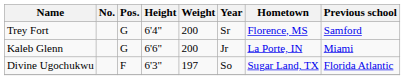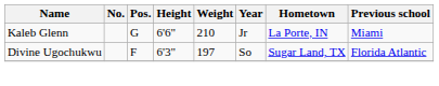 <table class="wikitable sortable" border="1">
 <tr align=center>
 <th>Name</th>
 <th>No.</th>
 <th>Pos.</th>
 <th>Height</th>
 <th>Weight</th>
 <th>Year</th>
 <th>Hometown</th>
 <th>Previous school</th>
 </tr>
 <tr>
-<td>Trey Fort</td>
-<td></td>
-<td>G</td>
-<td>6'4"</td>
-<td>200</td>
-<td>Sr</td>
-<td><a href='#'>Florence, MS</a></td>
-<td><a href='#'>Samford</a></td>
-</tr>
-<tr>
 <td>Kaleb Glenn</td>
 <td></td>
 <td>G</td>
 <td>6'6"</td>
-<td>200</td>
+<td>210</td>
 <td>Jr</td>
 <td><a href='#'>La Porte, IN</a></td>
 <td><a href='#'>Miami</a></td>
 </tr>
 <tr>
 <td>Divine Ugochukwu</td>
 <td></td>
 <td>F</td>
 <td>6'3"</td>
 <td>197</td>
 <td>So</td>
 <td><a href='#'>Sugar Land, TX</a></td>
 <td><a href='#'>Florida Atlantic</a></td>
 </tr>
 <tr>
 </tr>
 </table>
